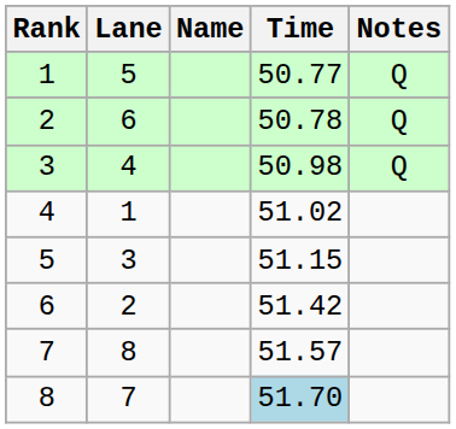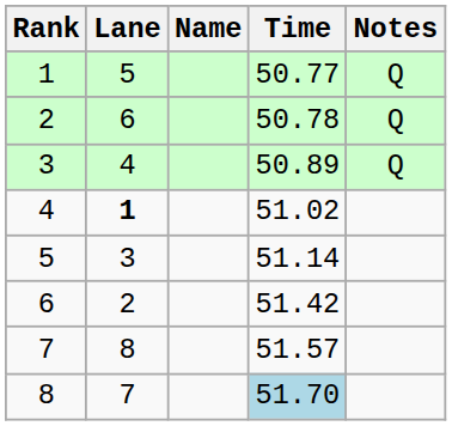 <table class="wikitable sortable" style="text-align:center">
 <tr>
 <th>Rank</th>
 <th>Lane</th>
 <th>Name</th>
 <th>Time</th>
 <th>Notes</th>
 </tr>
 <tr bgcolor=ccffcc>
 <td>1</td>
 <td>5</td>
 <td align=left></td>
 <td>50.77</td>
 <td>Q</td>
 </tr>
 <tr bgcolor=ccffcc>
 <td>2</td>
 <td>6</td>
 <td align=left></td>
 <td>50.78</td>
 <td>Q</td>
 </tr>
 <tr bgcolor=ccffcc>
 <td>3</td>
 <td>4</td>
 <td align=left></td>
-<td>50.98</td>
+<td>50.89</td>
 <td>Q</td>
 </tr>
 <tr>
 <td>4</td>
-<td>1</td>
+<td><strong>1</strong></td>
 <td align=left></td>
 <td>51.02</td>
 <td></td>
 </tr>
 <tr>
 <td>5</td>
 <td>3</td>
 <td align=left></td>
-<td>51.15</td>
+<td>51.14</td>
 <td></td>
 </tr>
 <tr>
 <td>6</td>
 <td>2</td>
 <td align=left></td>
 <td>51.42</td>
 <td></td>
 </tr>
 <tr>
 <td>7</td>
 <td>8</td>
 <td align=left></td>
 <td>51.57</td>
 <td></td>
 </tr>
 <tr>
 <td>8</td>
 <td>7</td>
 <td align=left></td>
 <td style="background: lightblue;">51.70</td>
 <td></td>
 </tr>
 </table>
